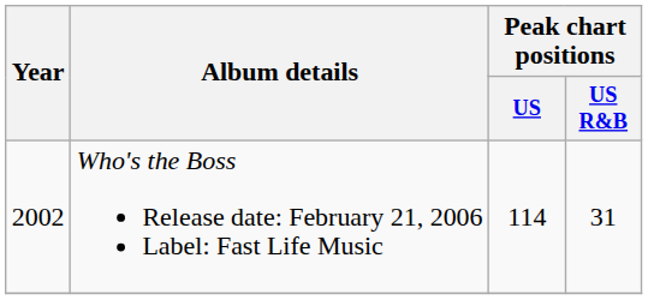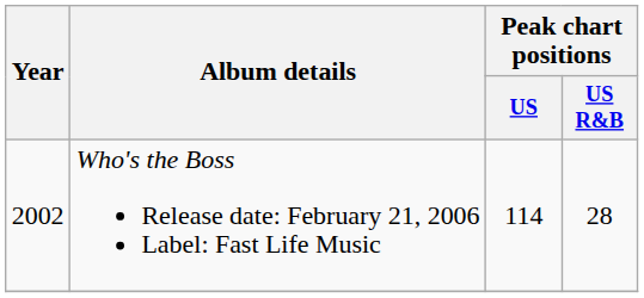 <table class="wikitable" style="text-align:center;">
 <tr>
 <th rowspan="2">Year</th>
 <th rowspan="2">Album details</th>
 <th colspan="2">Peak chart positions</th>
 </tr>
 <tr style="font-size:smaller;">
 <th width="40"><a href='#'>US</a><br></th>
 <th width="40"><a href='#'>US R&B</a><br></th>
 </tr>
 <tr>
 <td>2002</td>
 <td align="left"><em>Who's the Boss</em><br><ul><li>Release date: February 21, 2006</li><li>Label: Fast Life Music</li></ul></td>
 <td>114</td>
-<td>31</td>
+<td>28</td>
 </tr>
 <tr>
 </tr>
 </table>
